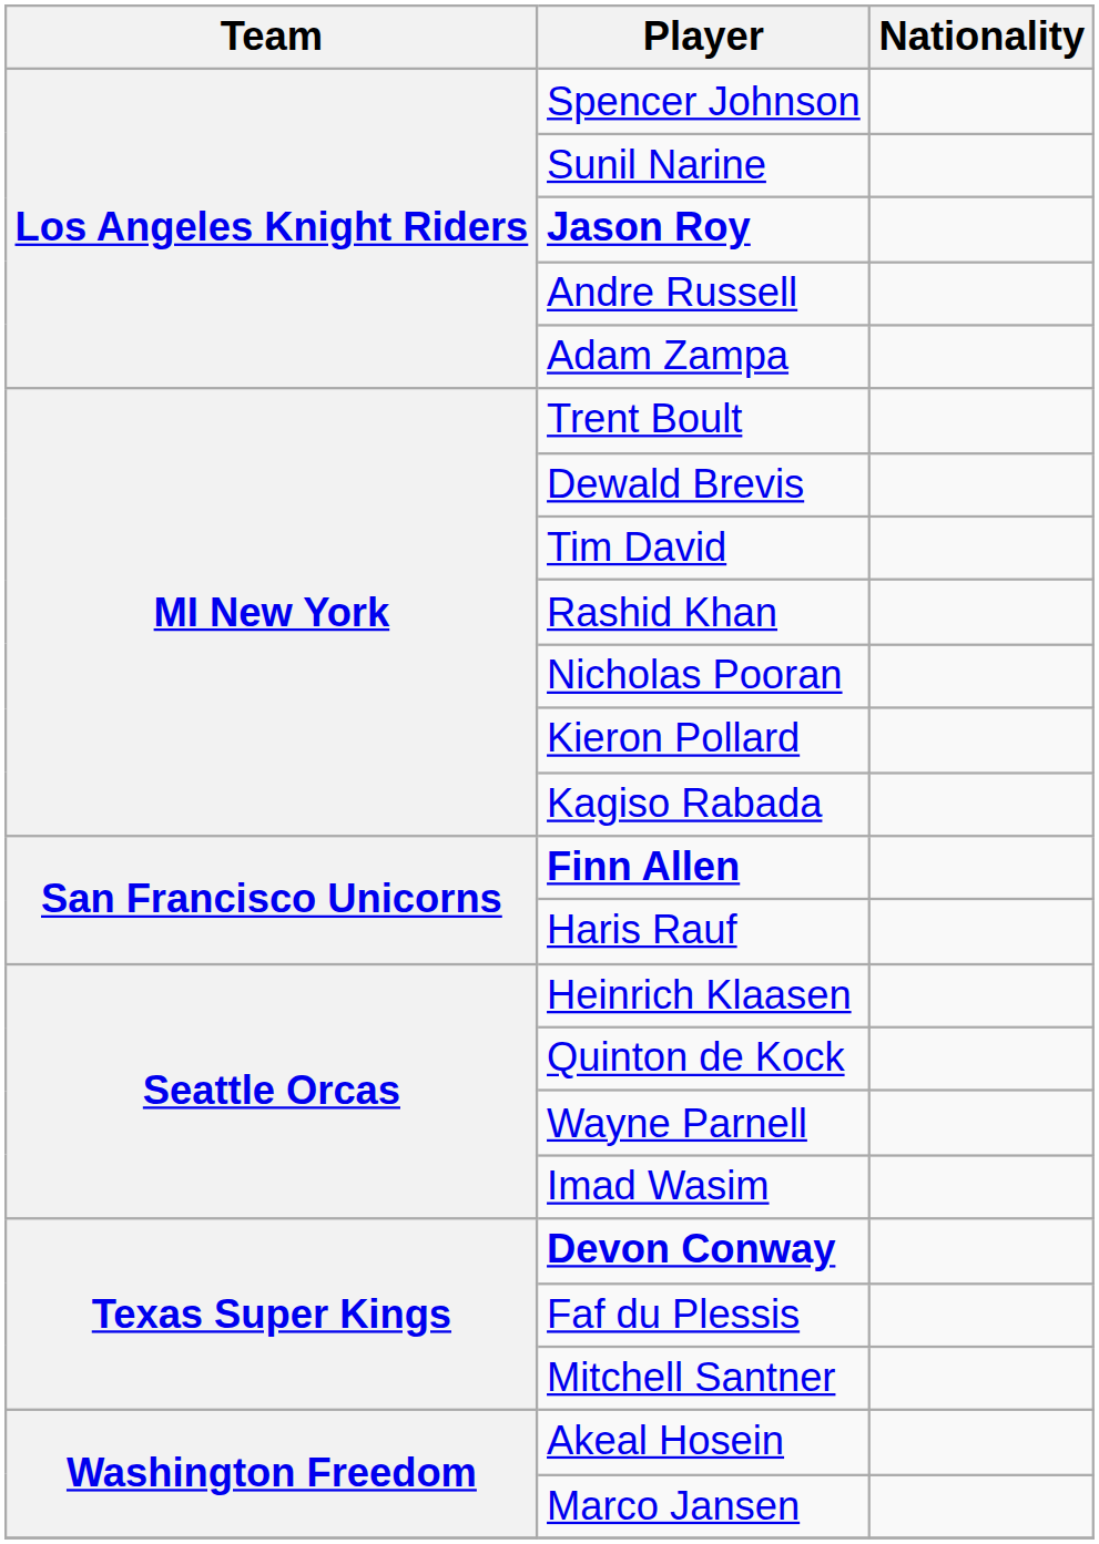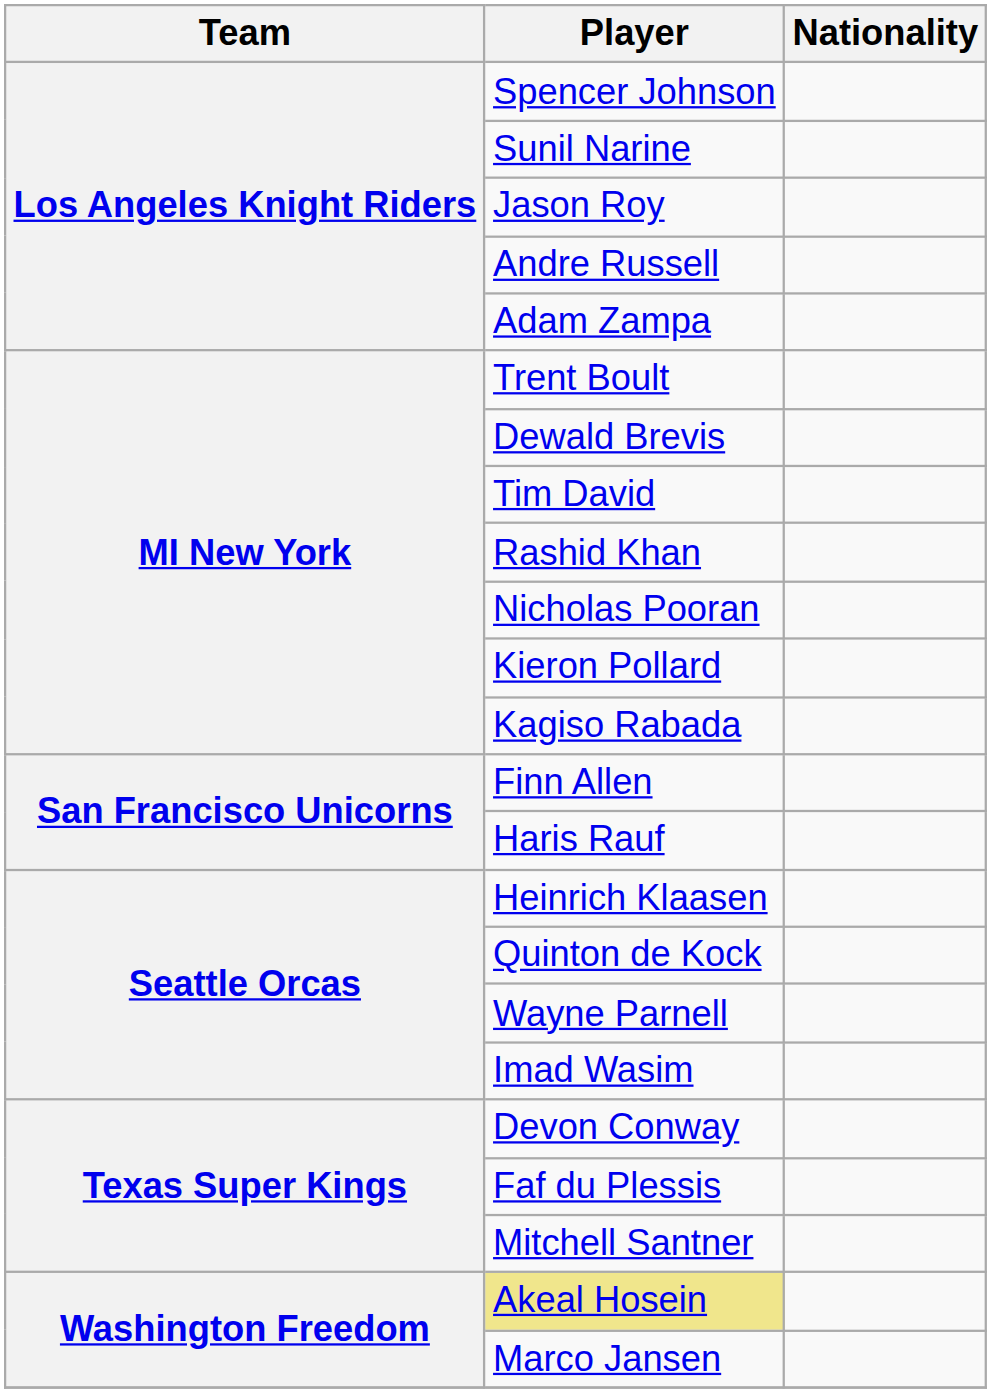 <table class="wikitable plainrowheaders">
 <tr>
 <th scope="col">Team</th>
 <th scope="col">Player</th>
 <th scope="col">Nationality</th>
 </tr>
 <tr>
 <th scope="row" rowspan="5"><a href='#'>Los Angeles Knight Riders</a></th>
 <td><a href='#'>Spencer Johnson</a></td>
 <td></td>
 </tr>
 <tr>
 <td><a href='#'>Sunil Narine</a></td>
 <td></td>
 </tr>
 <tr>
-<td><strong><a href='#'>Jason Roy</a></strong></td>
+<td><a href='#'>Jason Roy</a></td>
 <td></td>
 </tr>
 <tr>
 <td><a href='#'>Andre Russell</a></td>
 <td></td>
 </tr>
 <tr>
 <td><a href='#'>Adam Zampa</a></td>
 <td></td>
 </tr>
 <tr>
 <th scope="row" rowspan="7"><a href='#'>MI New York</a></th>
 <td><a href='#'>Trent Boult</a></td>
 <td></td>
 </tr>
 <tr>
 <td><a href='#'>Dewald Brevis</a></td>
 <td></td>
 </tr>
 <tr>
 <td><a href='#'>Tim David</a></td>
 <td></td>
 </tr>
 <tr>
 <td><a href='#'>Rashid Khan</a></td>
 <td></td>
 </tr>
 <tr>
 <td><a href='#'>Nicholas Pooran</a></td>
 <td></td>
 </tr>
 <tr>
 <td><a href='#'>Kieron Pollard</a></td>
 <td></td>
 </tr>
 <tr>
 <td><a href='#'>Kagiso Rabada</a></td>
 <td></td>
 </tr>
 <tr>
 <th scope="row" rowspan="2"><a href='#'>San Francisco Unicorns</a></th>
-<td><strong><a href='#'>Finn Allen</a></strong></td>
+<td><a href='#'>Finn Allen</a></td>
 <td></td>
 </tr>
 <tr>
 <td><a href='#'>Haris Rauf</a></td>
 <td></td>
 </tr>
 <tr>
 <th scope="row" rowspan="4"><a href='#'>Seattle Orcas</a></th>
 <td><a href='#'>Heinrich Klaasen</a></td>
 <td></td>
 </tr>
 <tr>
 <td><a href='#'>Quinton de Kock</a></td>
 <td></td>
 </tr>
 <tr>
 <td><a href='#'>Wayne Parnell</a></td>
 <td></td>
 </tr>
 <tr>
 <td><a href='#'>Imad Wasim</a></td>
 <td></td>
 </tr>
 <tr>
 <th scope="row" rowspan="3"><a href='#'>Texas Super Kings</a></th>
-<td><strong><a href='#'>Devon Conway</a></strong></td>
+<td><a href='#'>Devon Conway</a></td>
 <td></td>
 </tr>
 <tr>
 <td><a href='#'>Faf du Plessis</a></td>
 <td></td>
 </tr>
 <tr>
 <td><a href='#'>Mitchell Santner</a></td>
 <td></td>
 </tr>
 <tr>
 <th scope="row" rowspan="2"><a href='#'>Washington Freedom</a></th>
-<td><a href='#'>Akeal Hosein</a></td>
+<td style="background: khaki;"><a href='#'>Akeal Hosein</a></td>
 <td></td>
 </tr>
 <tr>
 <td><a href='#'>Marco Jansen</a></td>
 <td></td>
 </tr>
 <tr>
 </tr>
 </table>
